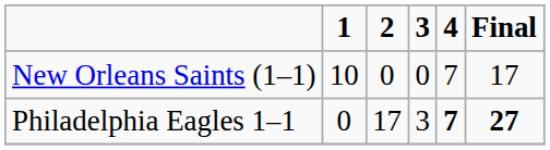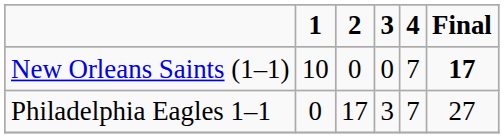 <table class="wikitable" 80%>
 <tr align="center">
 <td></td>
 <td><strong>1</strong></td>
 <td><strong>2</strong></td>
 <td><strong>3</strong></td>
 <td><strong>4</strong></td>
 <td><strong>Final</strong></td>
 </tr>
 <tr align="center" bgcolor="">
 <td – align="left"><a href='#'>New Orleans Saints</a> (1–1)</td>
 <td>10</td>
 <td>0</td>
 <td>0</td>
 <td>7</td>
-<td>17</td>
+<td><strong>17</strong></td>
 </tr>
 <tr align="center" bgcolor="">
 <td – align="left">Philadelphia Eagles 1–1</td>
 <td>0</td>
 <td>17</td>
 <td>3</td>
-<td><strong>7</strong></td>
-<td><strong>27</strong></td>
+<td>7</td>
+<td>27</td>
 </tr>
 <tr align="center" bgcolor="">
 </tr>
 </table>
